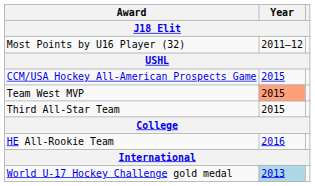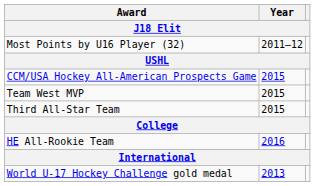 <table class="wikitable">
 <tr>
 <th>Award</th>
 <th>Year</th>
 <th></th>
 </tr>
 <tr>
 <th colspan="3"><a href='#'>J18 Elit</a></th>
 </tr>
 <tr>
 <td>Most Points by U16 Player (32)</td>
 <td>2011–12</td>
 <td></td>
 </tr>
 <tr>
 <th colspan="3"><a href='#'>USHL</a></th>
 </tr>
 <tr>
 <td><a href='#'>CCM/USA Hockey All-American Prospects Game</a></td>
 <td><a href='#'>2015</a></td>
 <td></td>
 </tr>
 <tr>
 <td>Team West MVP</td>
-<td style="background: lightsalmon;">2015</td>
+<td>2015</td>
 <td></td>
 </tr>
 <tr>
 <td>Third All-Star Team</td>
 <td>2015</td>
 <td></td>
 </tr>
 <tr>
 <th colspan="3"><a href='#'>College</a></th>
 </tr>
 <tr>
 <td><a href='#'>HE</a> All-Rookie Team</td>
 <td><a href='#'>2016</a></td>
 <td></td>
 </tr>
 <tr>
 <th colspan="3"><a href='#'>International</a></th>
 </tr>
 <tr>
 <td><a href='#'>World U-17 Hockey Challenge</a> gold medal</td>
-<td style="background: lightblue;"><a href='#'>2013</a></td>
+<td><a href='#'>2013</a></td>
 <td></td>
 </tr>
 </table>
